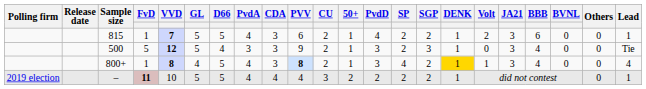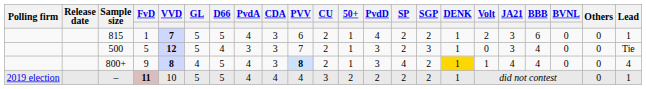 <table class="wikitable sortable tpl-blanktable" style="text-align:center;font-size:90%;line-height:14px;">
 <tr>
 <th rowspan="2">Polling firm</th>
 <th rowspan="2">Release<br>date</th>
 <th rowspan="2">Sample<br>size</th>
 <th class="unsortable" style="width:30px;"><a href='#'>FvD</a></th>
 <th class="unsortable" style="width:30px;"><a href='#'>VVD</a></th>
 <th class="unsortable" style="width:30px;"><a href='#'>GL</a></th>
 <th class="unsortable" style="width:30px;"><a href='#'>D66</a></th>
 <th class="unsortable" style="width:30px;"><a href='#'>PvdA</a></th>
 <th class="unsortable" style="width:30px;"><a href='#'>CDA</a></th>
 <th class="unsortable" style="width:30px;"><a href='#'>PVV</a></th>
 <th class="unsortable" style="width:30px;"><a href='#'>CU</a></th>
 <th class="unsortable" style="width:30px;"><a href='#'>50+</a></th>
 <th class="unsortable" style="width:30px;"><a href='#'>PvdD</a></th>
 <th class="unsortable" style="width:30px;"><a href='#'>SP</a></th>
 <th class="unsortable" style="width:30px;"><a href='#'>SGP</a></th>
 <th class="unsortable" style="width:30px;"><a href='#'>DENK</a></th>
 <th class="unsortable" style="width:30px;"><a href='#'>Volt</a></th>
 <th class="unsortable" style="width:30px;"><a href='#'>JA21</a></th>
 <th class="unsortable" style="width:30px;"><a href='#'>BBB</a></th>
 <th class="unsortable" style="width:30px;"><a href='#'>BVNL</a></th>
 <th class="unsortable" style="width:30px;" rowspan="2">Others</th>
 <th rowspan="2">Lead</th>
 </tr>
 <tr>
 <th data-sort-type="number" style="background:"></th>
 <th data-sort-type="number" style="background:"></th>
 <th data-sort-type="number" style="background:"></th>
 <th data-sort-type="number" style="background:"></th>
 <th data-sort-type="number" style="background:"></th>
 <th data-sort-type="number" style="background:"></th>
 <th data-sort-type="number" style="background:"></th>
 <th data-sort-type="number" style="background:"></th>
 <th data-sort-type="number" style="background:"></th>
 <th data-sort-type="number" style="background:"></th>
 <th data-sort-type="number" style="background:"></th>
 <th data-sort-type="number" style="background:"></th>
 <th data-sort-type="number" style="background:"></th>
 <th data-sort-type="number" style="background:"></th>
 <th data-sort-type="number" style="background:"></th>
 <th data-sort-type="number" style="background:"></th>
 <th data-sort-type="number" style="background:"></th>
 </tr>
 <tr>
 <td></td>
 <td></td>
 <td>815</td>
 <td>1</td>
 <td style="background:#CED7FD;"><strong>7</strong></td>
 <td>5</td>
 <td>5</td>
 <td>4</td>
 <td>3</td>
 <td>6</td>
 <td>2</td>
 <td>1</td>
 <td>4</td>
 <td>2</td>
 <td>2</td>
 <td>1</td>
 <td>2</td>
 <td>3</td>
 <td>6</td>
 <td>0</td>
 <td>0</td>
 <td style="background:">1</td>
 </tr>
 <tr>
 <td></td>
 <td></td>
 <td>500</td>
 <td>5</td>
 <td style="background:#CED7FD;"><strong>12</strong></td>
 <td>5</td>
 <td>4</td>
 <td>3</td>
 <td>3</td>
-<td>9</td>
+<td>7</td>
 <td>2</td>
 <td>1</td>
 <td>3</td>
 <td>2</td>
 <td>3</td>
 <td>1</td>
 <td>0</td>
 <td>3</td>
 <td>4</td>
 <td>0</td>
 <td>0</td>
 <td>Tie</td>
 </tr>
 <tr>
 <td></td>
 <td></td>
 <td>800+</td>
-<td>1</td>
+<td>9</td>
 <td style="background:#CED7FD;"><strong>8</strong></td>
 <td>4</td>
 <td>5</td>
 <td>4</td>
 <td>3</td>
 <td style="background:#CDE2FE;"><strong>8</strong></td>
 <td>2</td>
 <td>1</td>
 <td>3</td>
 <td>4</td>
 <td>2</td>
 <td style="background: gold;">1</td>
 <td>1</td>
-<td>3</td>
+<td>4</td>
 <td>4</td>
 <td>0</td>
 <td>0</td>
 <td style="background:">4</td>
 </tr>
 <tr style="background:#E9E9E9;">
 <td><a href='#'>2019 election</a></td>
 <td></td>
 <td>–</td>
 <td style="background:#DBBDBD;"><strong>11</strong></td>
 <td>10</td>
 <td>5</td>
 <td>5</td>
 <td>4</td>
 <td>4</td>
 <td>4</td>
 <td>3</td>
 <td>2</td>
 <td>2</td>
 <td>2</td>
 <td>2</td>
 <td>1</td>
 <td colspan=4><em>did not contest</em></td>
 <td>0</td>
 <td style="background:">1</td>
 </tr>
 </table>
